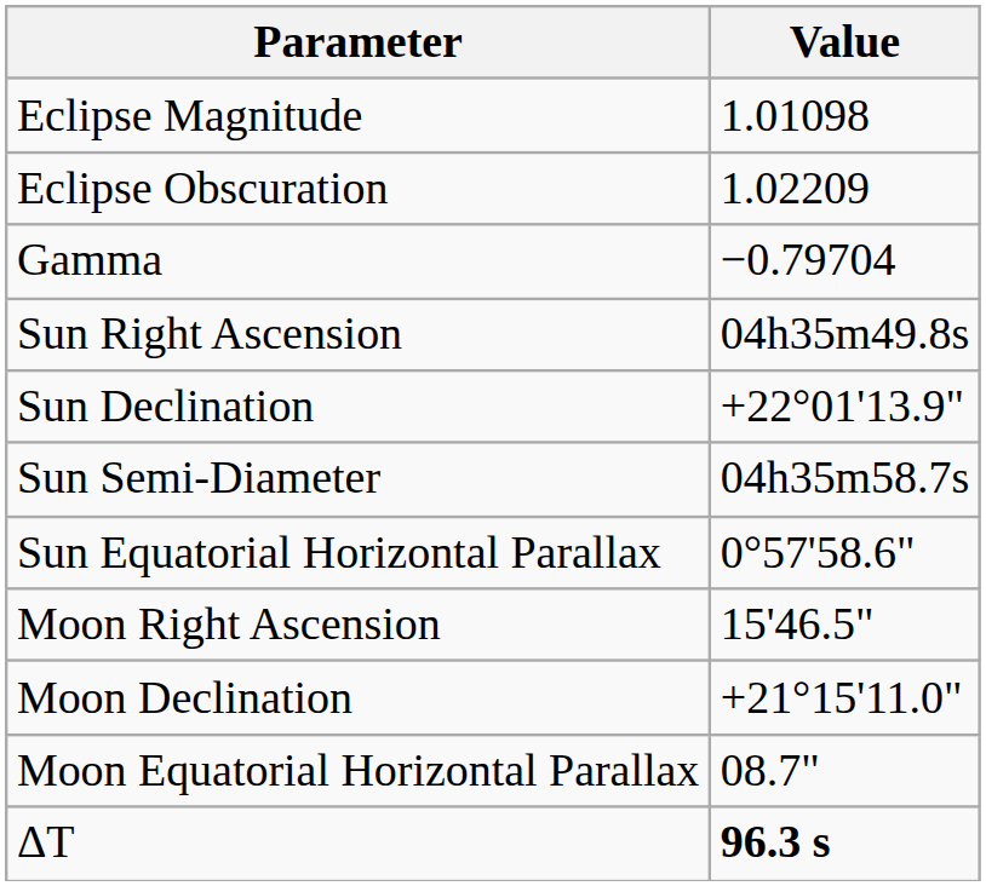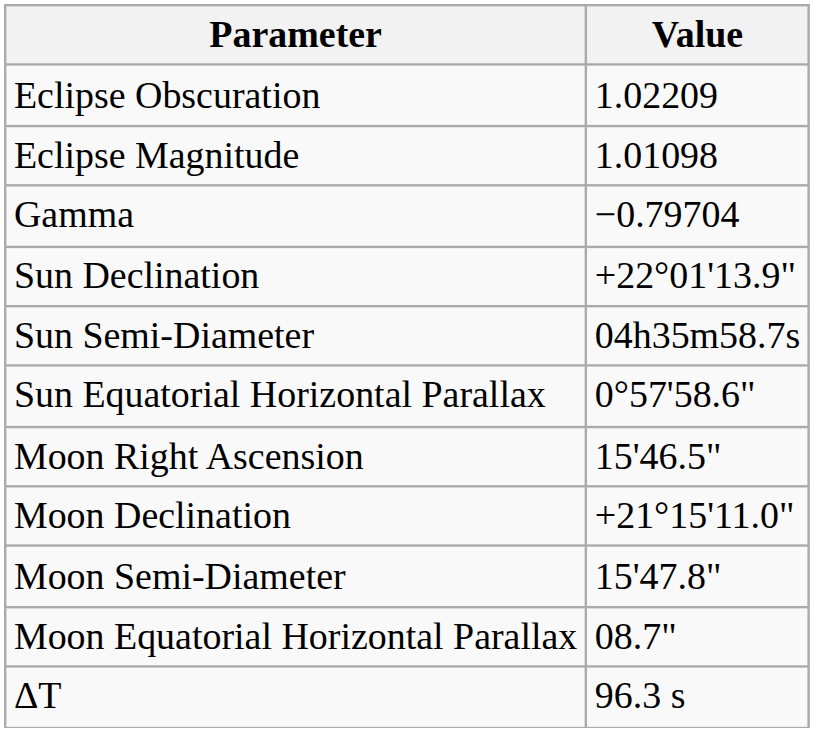 <table class="wikitable">
 <tr>
 <th>Parameter</th>
 <th>Value</th>
 </tr>
 <tr>
+<td>Eclipse Obscuration</td>
+<td>1.02209</td>
+</tr>
+<tr>
 <td>Eclipse Magnitude</td>
 <td>1.01098</td>
 </tr>
 <tr>
-<td>Eclipse Obscuration</td>
-<td>1.02209</td>
-</tr>
-<tr>
 <td>Gamma</td>
 <td>−0.79704</td>
-</tr>
-<tr>
-<td>Sun Right Ascension</td>
-<td>04h35m49.8s</td>
 </tr>
 <tr>
 <td>Sun Declination</td>
 <td>+22°01'13.9"</td>
 </tr>
 <tr>
 <td>Sun Semi-Diameter</td>
 <td>04h35m58.7s</td>
 </tr>
 <tr>
 <td>Sun Equatorial Horizontal Parallax</td>
 <td>0°57'58.6"</td>
 </tr>
 <tr>
 <td>Moon Right Ascension</td>
 <td>15'46.5"</td>
 </tr>
 <tr>
 <td>Moon Declination</td>
 <td>+21°15'11.0"</td>
 </tr>
 <tr>
+<td>Moon Semi-Diameter</td>
+<td>15'47.8"</td>
+</tr>
+<tr>
 <td>Moon Equatorial Horizontal Parallax</td>
 <td>08.7"</td>
 </tr>
 <tr>
 <td>ΔT</td>
-<td><strong>96.3 s</strong></td>
+<td>96.3 s</td>
 </tr>
 </table>
